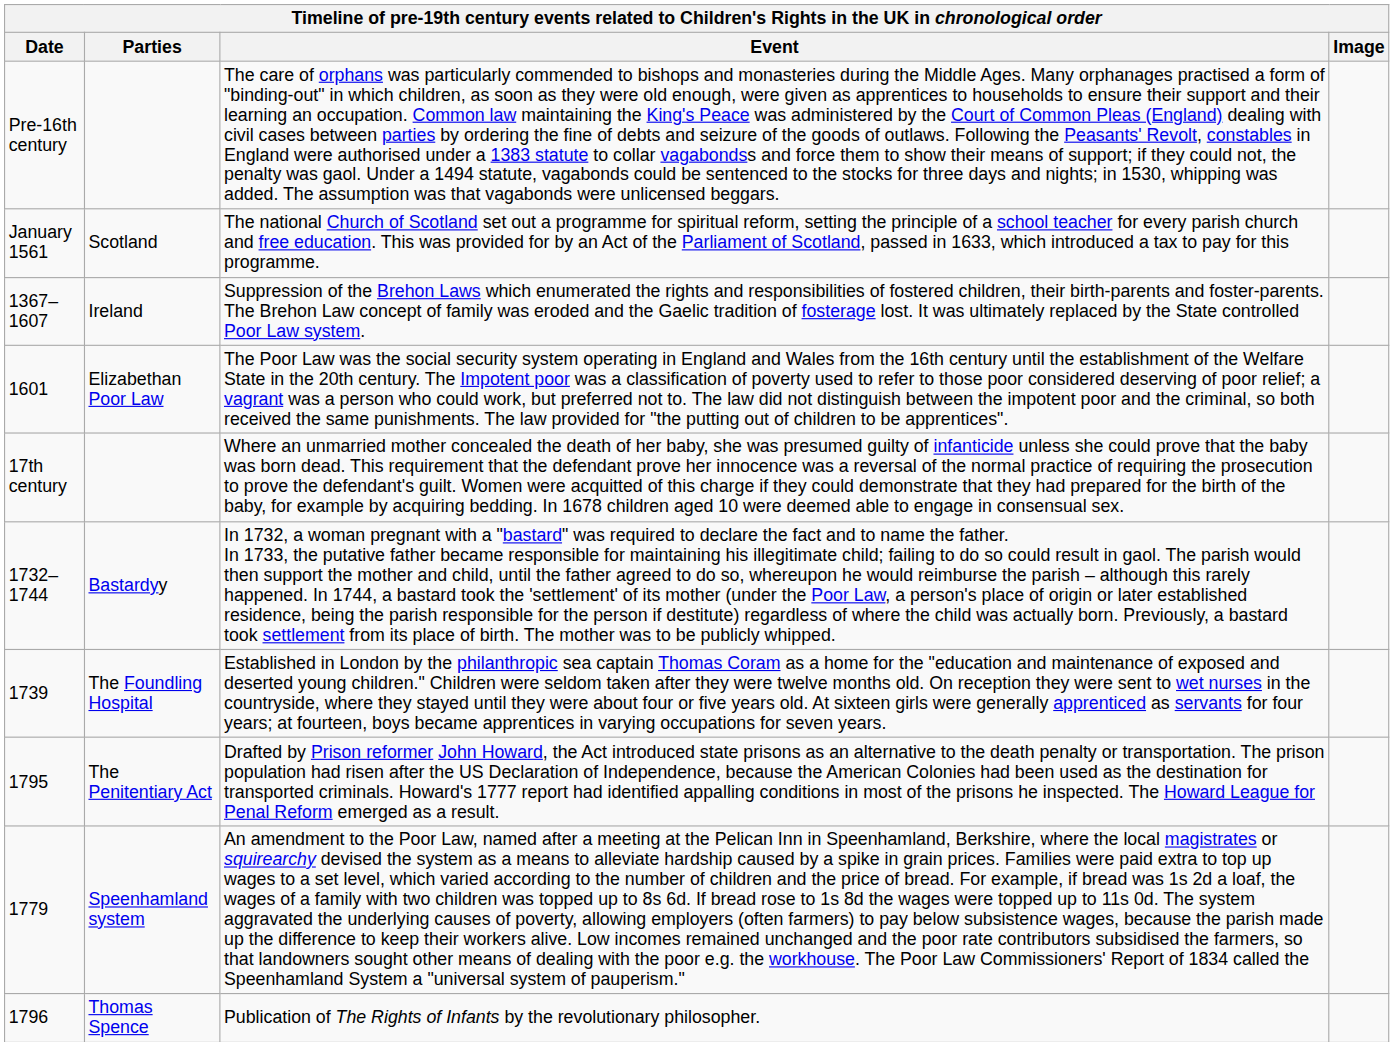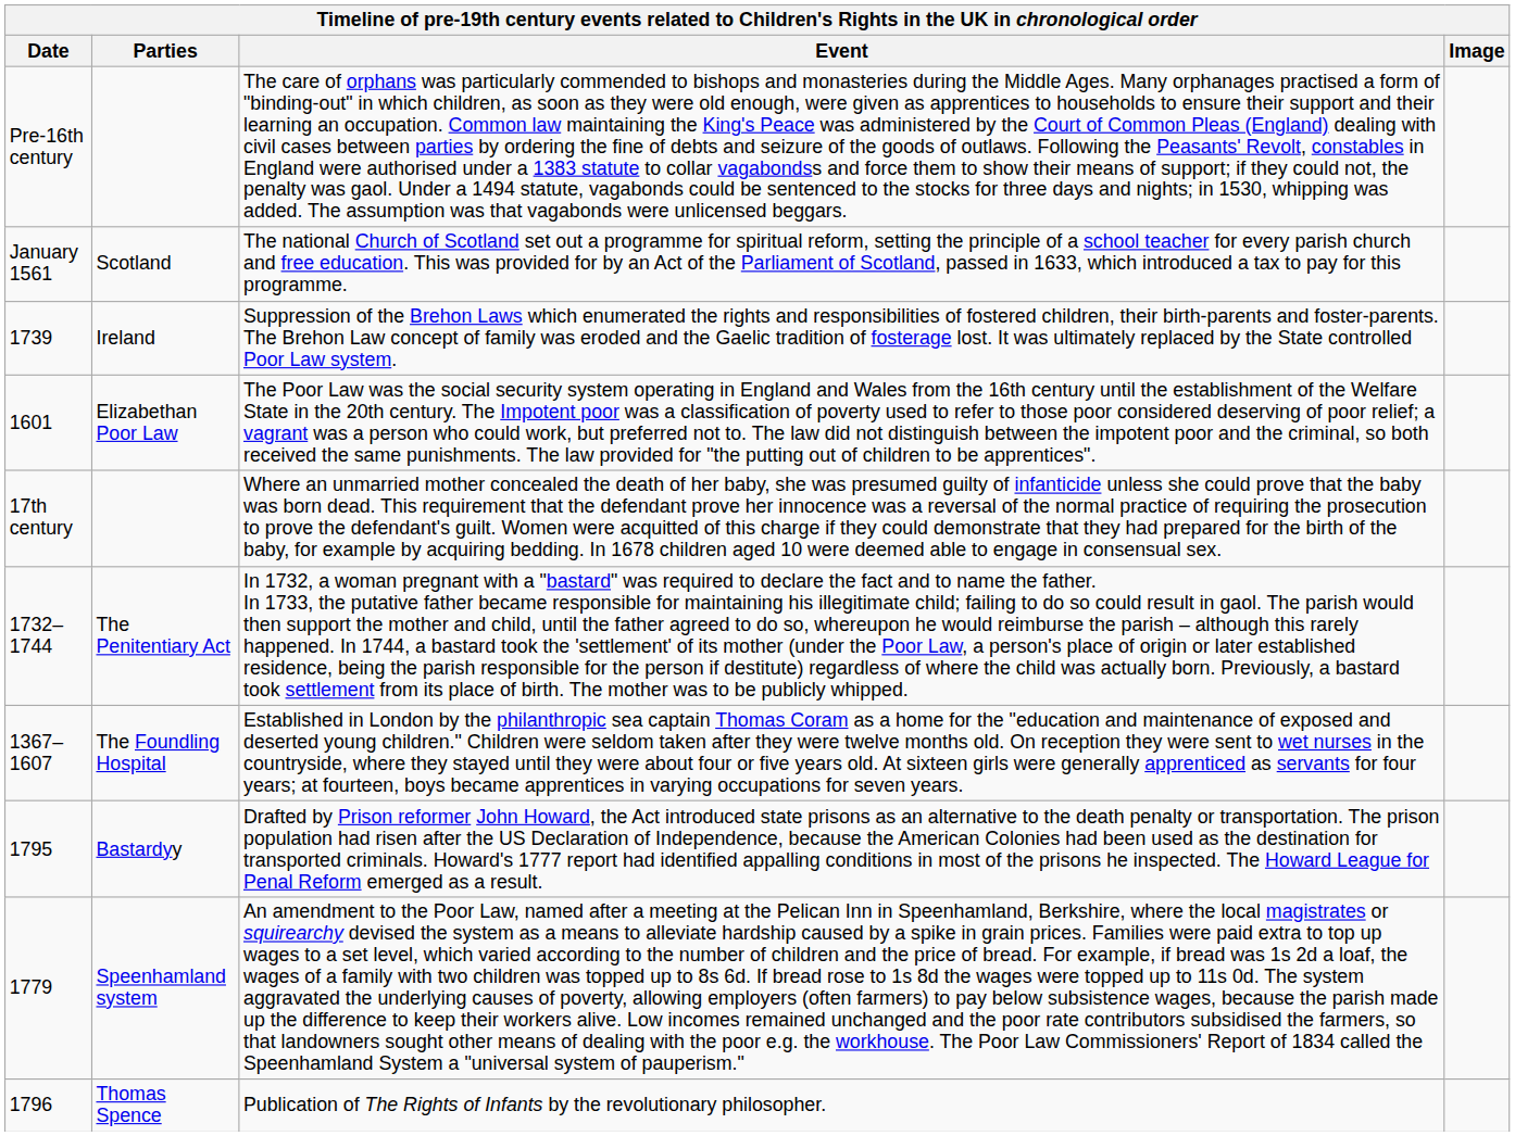 <table class="wikitable">
 <tr>
 <th align="center" colspan="6"><strong>Timeline of pre-19th century events related to Children's Rights in the UK</strong> in <em>chronological order</em></th>
 </tr>
 <tr>
 <th>Date</th>
 <th>Parties</th>
 <th>Event</th>
 <th>Image</th>
 </tr>
 <tr>
 <td>Pre-16th century</td>
 <td></td>
 <td>The care of <a href='#'>orphans</a> was particularly commended to bishops and monasteries during the Middle Ages. Many orphanages practised a form of "binding-out" in which children, as soon as they were old enough, were given as apprentices to households to ensure their support and their learning an occupation. <a href='#'>Common law</a> maintaining the <a href='#'>King's Peace</a> was administered by the <a href='#'>Court of Common Pleas (England)</a> dealing with civil cases between <a href='#'>parties</a> by ordering the fine of debts and seizure of the goods of outlaws. Following the <a href='#'>Peasants' Revolt</a>, <a href='#'>constables</a> in England were authorised under a <a href='#'>1383 statute</a> to collar <a href='#'>vagabonds</a>s and force them to show their means of support; if they could not, the penalty was gaol. Under a 1494 statute, vagabonds could be sentenced to the stocks for three days and nights; in 1530, whipping was added. The assumption was that vagabonds were unlicensed beggars.</td>
 <td></td>
 </tr>
 <tr>
 <td>January 1561</td>
 <td>Scotland</td>
 <td>The national <a href='#'>Church of Scotland</a> set out a programme for spiritual reform, setting the principle of a <a href='#'>school teacher</a> for every parish church and <a href='#'>free education</a>. This was provided for by an Act of the <a href='#'>Parliament of Scotland</a>, passed in 1633, which introduced a tax to pay for this programme.</td>
 <td></td>
 </tr>
 <tr>
-<td>1367–1607</td>
+<td>1739</td>
 <td>Ireland</td>
 <td>Suppression of the <a href='#'>Brehon Laws</a> which enumerated the rights and responsibilities of fostered children, their birth-parents and foster-parents. The Brehon Law concept of family was eroded and the Gaelic tradition of <a href='#'>fosterage</a> lost. It was ultimately replaced by the State controlled <a href='#'>Poor Law system</a>.</td>
 <td></td>
 </tr>
 <tr>
 <td>1601</td>
 <td>Elizabethan <a href='#'>Poor Law</a></td>
 <td>The Poor Law was the social security system operating in England and Wales from the 16th century until the establishment of the Welfare State in the 20th century. The <a href='#'>Impotent poor</a> was a classification of poverty used to refer to those poor considered deserving of poor relief; a <a href='#'>vagrant</a> was a person who could work, but preferred not to. The law did not distinguish between the impotent poor and the criminal, so both received the same punishments. The law provided for "the putting out of children to be apprentices".</td>
 <td></td>
 </tr>
 <tr>
 <td>17th century</td>
 <td></td>
 <td>Where an unmarried mother concealed the death of her baby, she was presumed guilty of <a href='#'>infanticide</a> unless she could prove that the baby was born dead. This requirement that the defendant prove her innocence was a reversal of the normal practice of requiring the prosecution to prove the defendant's guilt. Women were acquitted of this charge if they could demonstrate that they had prepared for the birth of the baby, for example by acquiring bedding. In 1678 children aged 10 were deemed able to engage in consensual sex.</td>
 <td></td>
 </tr>
 <tr>
 <td>1732–1744</td>
-<td><a href='#'>Bastardy</a>y</td>
+<td>The <a href='#'>Penitentiary Act</a></td>
 <td>In 1732, a woman pregnant with a "<a href='#'>bastard</a>" was required to declare the fact and to name the father.<br>In 1733, the putative father became responsible for maintaining his illegitimate child; failing to do so could result in gaol. The parish would then support the mother and child, until the father agreed to do so, whereupon he would reimburse the parish – although this rarely happened. In 1744, a bastard took the 'settlement' of its mother (under the <a href='#'>Poor Law</a>, a person's place of origin or later established residence, being the parish responsible for the person if destitute) regardless of where the child was actually born. Previously, a bastard took <a href='#'>settlement</a> from its place of birth. The mother was to be publicly whipped.</td>
 <td></td>
 </tr>
 <tr>
-<td>1739</td>
+<td>1367–1607</td>
 <td>The <a href='#'>Foundling Hospital</a></td>
 <td>Established in London by the <a href='#'>philanthropic</a> sea captain <a href='#'>Thomas Coram</a> as a home for the "education and maintenance of exposed and deserted young children." Children were seldom taken after they were twelve months old. On reception they were sent to <a href='#'>wet nurses</a> in the countryside, where they stayed until they were about four or five years old. At sixteen girls were generally <a href='#'>apprenticed</a> as <a href='#'>servants</a> for four years; at fourteen, boys became apprentices in varying occupations for seven years.</td>
 <td></td>
 </tr>
 <tr>
 <td>1795</td>
-<td>The <a href='#'>Penitentiary Act</a></td>
+<td><a href='#'>Bastardy</a>y</td>
 <td>Drafted by <a href='#'>Prison reformer</a> <a href='#'>John Howard</a>, the Act introduced state prisons as an alternative to the death penalty or transportation. The prison population had risen after the US Declaration of Independence, because the American Colonies had been used as the destination for transported criminals. Howard's 1777 report had identified appalling conditions in most of the prisons he inspected. The <a href='#'>Howard League for Penal Reform</a> emerged as a result.</td>
 <td></td>
 </tr>
 <tr>
 <td>1779</td>
 <td><a href='#'>Speenhamland system</a></td>
 <td>An amendment to the Poor Law, named after a meeting at the Pelican Inn in Speenhamland, Berkshire, where the local <a href='#'>magistrates</a> or <em><a href='#'>squirearchy</a></em> devised the system as a means to alleviate hardship caused by a spike in grain prices. Families were paid extra to top up wages to a set level, which varied according to the number of children and the price of bread. For example, if bread was 1s 2d a loaf, the wages of a family with two children was topped up to 8s 6d. If bread rose to 1s 8d the wages were topped up to 11s 0d. The system aggravated the underlying causes of poverty, allowing employers (often farmers) to pay below subsistence wages, because the parish made up the difference to keep their workers alive. Low incomes remained unchanged and the poor rate contributors subsidised the farmers, so that landowners sought other means of dealing with the poor e.g. the <a href='#'>workhouse</a>. The Poor Law Commissioners' Report of 1834 called the Speenhamland System a "universal system of pauperism."</td>
 <td></td>
 </tr>
 <tr>
 <td>1796</td>
 <td><a href='#'>Thomas Spence</a></td>
 <td>Publication of <em>The Rights of Infants</em> by the revolutionary philosopher.</td>
 <td></td>
 </tr>
 </table>
